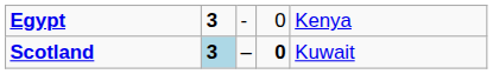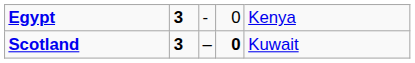 <table class="wikitable">
 <tr>
 <td width=150> <strong><a href='#'>Egypt</a></strong></td>
 <td style="width:20px; text-align:left;"><strong>3</strong></td>
 <td>-</td>
 <td style="width:20px; text-align:right;">0</td>
 <td width=150> <a href='#'>Kenya</a></td>
 </tr>
 <tr>
 <td> <strong><a href='#'>Scotland</a></strong></td>
-<td style="background: lightblue; text-align:left;"><strong>3</strong></td>
+<td style="text-align:left;"><strong>3</strong></td>
 <td>–</td>
 <td style="text-align:right;"><strong>0</strong></td>
 <td> <a href='#'>Kuwait</a></td>
 </tr>
 </table>
